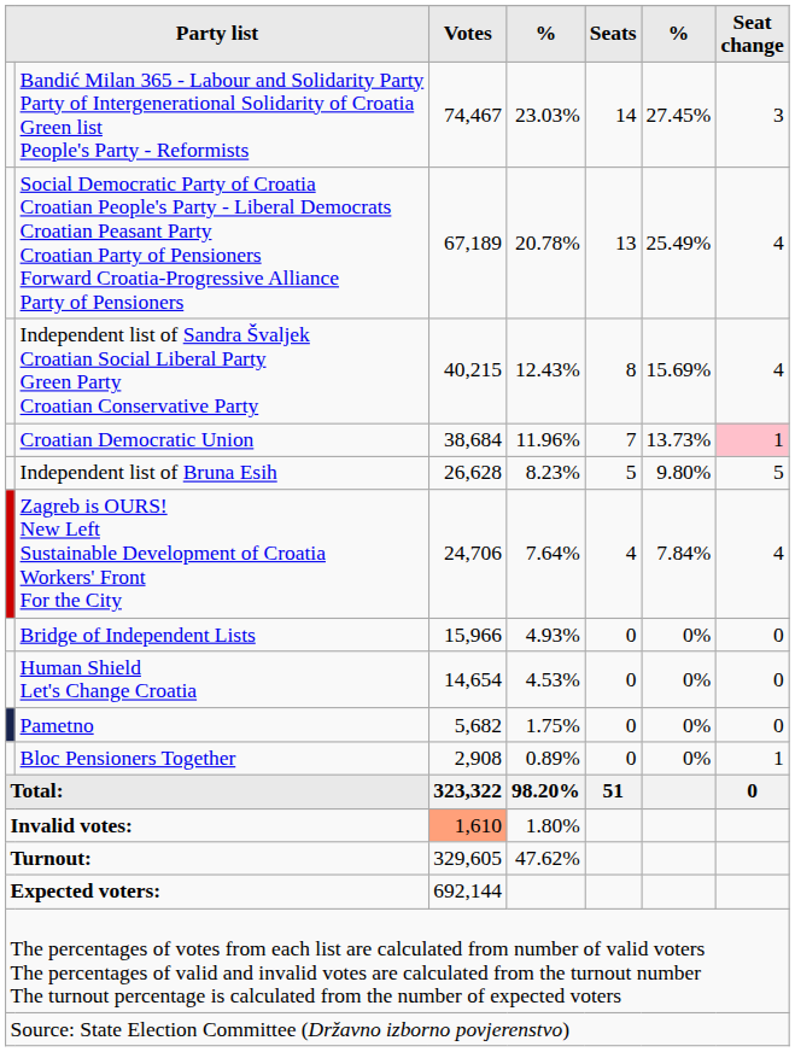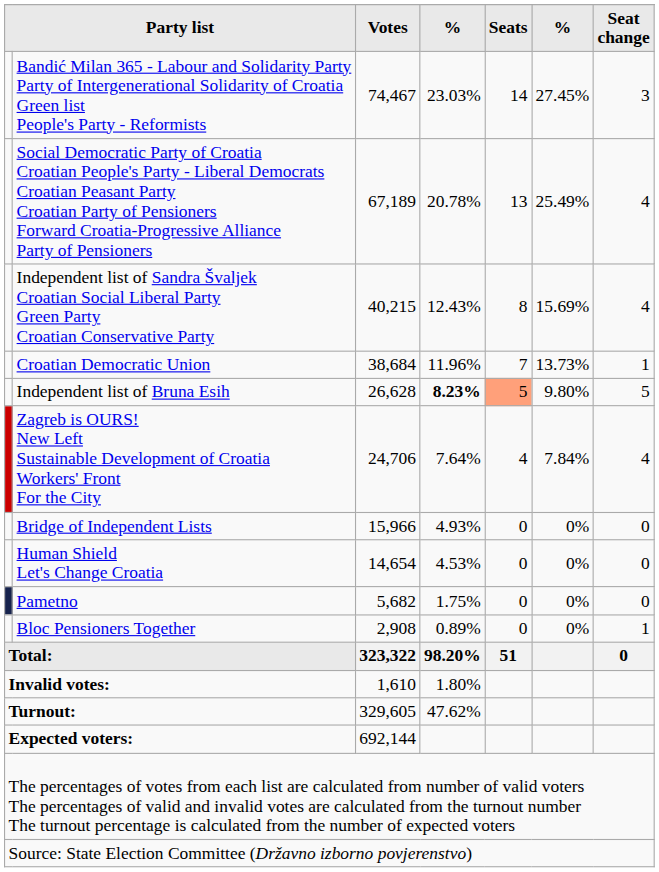 <table class="wikitable" border="1">
 <tr>
 </tr>
 <tr style="background-color:#C9C9C9">
 <th style="background-color:#E9E9E9" align= center colspan="2">Party list</th>
 <th style="background-color:#E9E9E9" align= center>Votes</th>
 <th style="background-color:#E9E9E9" align= center>%</th>
 <th style="background-color:#E9E9E9" align= center>Seats</th>
 <th style="background-color:#E9E9E9" align= center>%</th>
 <th style="background-color:#E9E9E9" align= center>Seat<br>change</th>
 </tr>
 <tr>
 <td bgcolor=></td>
 <td align = left><a href='#'>Bandić Milan 365 - Labour and Solidarity Party</a> <br> <a href='#'>Party of Intergenerational Solidarity of Croatia</a> <br> <a href='#'>Green list</a> <br> <a href='#'>People's Party - Reformists</a></td>
 <td align = right>74,467</td>
 <td align = right>23.03%</td>
 <td align = right>14</td>
 <td align = right>27.45%</td>
 <td align = right> 3</td>
 </tr>
 <tr>
 <td bgcolor=></td>
 <td align = left><a href='#'>Social Democratic Party of Croatia</a> <br> <a href='#'>Croatian People's Party - Liberal Democrats</a> <br> <a href='#'>Croatian Peasant Party</a> <br> <a href='#'>Croatian Party of Pensioners</a> <br> <a href='#'>Forward Croatia-Progressive Alliance</a> <br> <a href='#'>Party of Pensioners</a></td>
 <td align = right>67,189</td>
 <td align = right>20.78%</td>
 <td align = right>13</td>
 <td align = right>25.49%</td>
 <td align = right> 4</td>
 </tr>
 <tr>
 <td bgcolor=></td>
 <td align = left>Independent list of <a href='#'>Sandra Švaljek</a> <br> <a href='#'>Croatian Social Liberal Party</a> <br> <a href='#'>Green Party</a> <br> <a href='#'>Croatian Conservative Party</a></td>
 <td align = right>40,215</td>
 <td align = right>12.43%</td>
 <td align = right>8</td>
 <td align = right>15.69%</td>
 <td align = right> 4</td>
 </tr>
 <tr>
 <td bgcolor=></td>
 <td align = left><a href='#'>Croatian Democratic Union</a></td>
 <td align = right>38,684</td>
 <td align = right>11.96%</td>
 <td align = right>7</td>
 <td align = right>13.73%</td>
-<td align = right style="background: pink;"> 1</td>
+<td align = right> 1</td>
 </tr>
 <tr>
 <td bgcolor=></td>
 <td align = left>Independent list of <a href='#'>Bruna Esih</a></td>
 <td align = right>26,628</td>
-<td align = right>8.23%</td>
-<td align = right>5</td>
+<td align = right><strong>8.23%</strong></td>
+<td align = right style="background: lightsalmon;">5</td>
 <td align = right>9.80%</td>
 <td align = right> 5</td>
 </tr>
 <tr>
 <td bgcolor="#cc0000"></td>
 <td align = left><a href='#'>Zagreb is OURS!</a> <br> <a href='#'>New Left</a> <br> <a href='#'>Sustainable Development of Croatia</a> <br> <a href='#'>Workers' Front</a> <br> <a href='#'>For the City</a></td>
 <td align = right>24,706</td>
 <td align = right>7.64%</td>
 <td align = right>4</td>
 <td align = right>7.84%</td>
 <td align = right> 4</td>
 </tr>
 <tr>
 <td bgcolor=></td>
 <td align = left><a href='#'>Bridge of Independent Lists</a></td>
 <td align = right>15,966</td>
 <td align = right>4.93%</td>
 <td align = right>0</td>
 <td align = right>0%</td>
 <td align = right> 0</td>
 </tr>
 <tr>
 <td bgcolor=></td>
 <td align = left><a href='#'>Human Shield</a> <br> <a href='#'>Let's Change Croatia</a></td>
 <td align = right>14,654</td>
 <td align = right>4.53%</td>
 <td align = right>0</td>
 <td align = right>0%</td>
 <td align = right> 0</td>
 </tr>
 <tr>
 <td bgcolor="#17234d"></td>
 <td align = left><a href='#'>Pametno</a></td>
 <td align = right>5,682</td>
 <td align = right>1.75%</td>
 <td align = right>0</td>
 <td align = right>0%</td>
 <td align = right> 0</td>
 </tr>
 <tr>
 <td></td>
 <td align = left><a href='#'>Bloc Pensioners Together</a></td>
 <td align = right>2,908</td>
 <td align = right>0.89%</td>
 <td align = right>0</td>
 <td align = right>0%</td>
 <td align = right> 1</td>
 </tr>
 <tr style="background-color:#E9E9E9">
 <td align=left colspan=2><strong>Total:</strong></td>
 <th align=right>323,322</th>
 <th align=right>98.20%</th>
 <th align=right>51</th>
 <th align=right></th>
 <th align=right> 0</th>
 </tr>
 <tr>
 <td align=left colspan=2><strong>Invalid votes:</strong></td>
-<td align=right style="background: lightsalmon;">1,610</td>
+<td align=right>1,610</td>
 <td align=right>1.80%</td>
 <td align=right></td>
 <td align=right></td>
 <td align=right></td>
 </tr>
 <tr>
 <td align=left colspan=2><strong>Turnout:</strong></td>
 <td align=right>329,605</td>
 <td align=right>47.62%</td>
 <td align=right></td>
 <td align=right></td>
 <td align=right></td>
 </tr>
 <tr>
 <td align=left colspan=2><strong>Expected voters:</strong></td>
 <td align=right>692,144</td>
 <td align=right></td>
 <td align=right></td>
 <td align=right></td>
 <td align=right></td>
 </tr>
 <tr>
 <td align=left colspan=7><br>The percentages of votes from each list are calculated from number of valid voters<br> The percentages of valid and invalid votes are calculated from the turnout number<br> The turnout percentage is calculated from the number of expected voters</td>
 </tr>
 <tr>
 <td align=left colspan=7>Source: State Election Committee (<em>Državno izborno povjerenstvo</em>) </td>
 </tr>
 </table>
